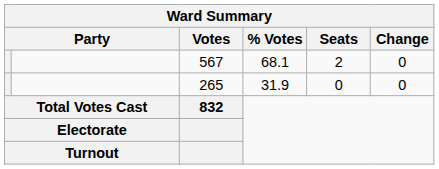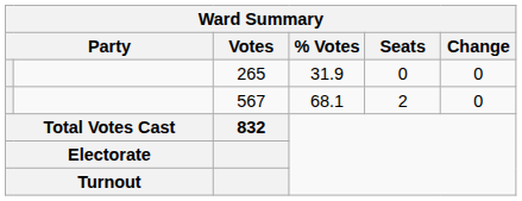 <table class="wikitable" style="font-size: 95%;">
 <tr style="background-color:#E9E9E9">
 <th colspan="6">Ward Summary</th>
 </tr>
 <tr style="background-color:#E9E9E9">
 <th colspan="2">Party</th>
 <th style="width: 60px">Votes</th>
 <th style="width: 60px">% Votes</th>
 <th style="width: 60px">Seats</th>
 <th style="width: 60px">Change</th>
 </tr>
 <tr>
 <th style="background-color: "></th>
 <td style="width: 170px"><a href='#'></a></td>
-<td align="center">567</td>
-<td align="center">68.1</td>
-<td align="center">2</td>
+<td align="center">265</td>
+<td align="center">31.9</td>
+<td align="center">0</td>
 <td align="center">0</td>
 </tr>
 <tr>
 <th style="background-color: "></th>
 <td style="width: 170px"><a href='#'></a></td>
-<td align="center">265</td>
-<td align="center">31.9</td>
-<td align="center">0</td>
+<td align="center">567</td>
+<td align="center">68.1</td>
+<td align="center">2</td>
 <td align="center">0</td>
 </tr>
 <tr style="background-color:#E9E9E9">
 <th colspan="2">Total Votes Cast</th>
 <th style="width: 60px">832</th>
 </tr>
 <tr style="background-color:#E9E9E9">
 <th colspan="2">Electorate</th>
 <th style="width: 60px"></th>
 </tr>
 <tr style="background-color:#E9E9E9">
 <th colspan="2">Turnout</th>
 <th style="width: 60px"></th>
 </tr>
 </table>
